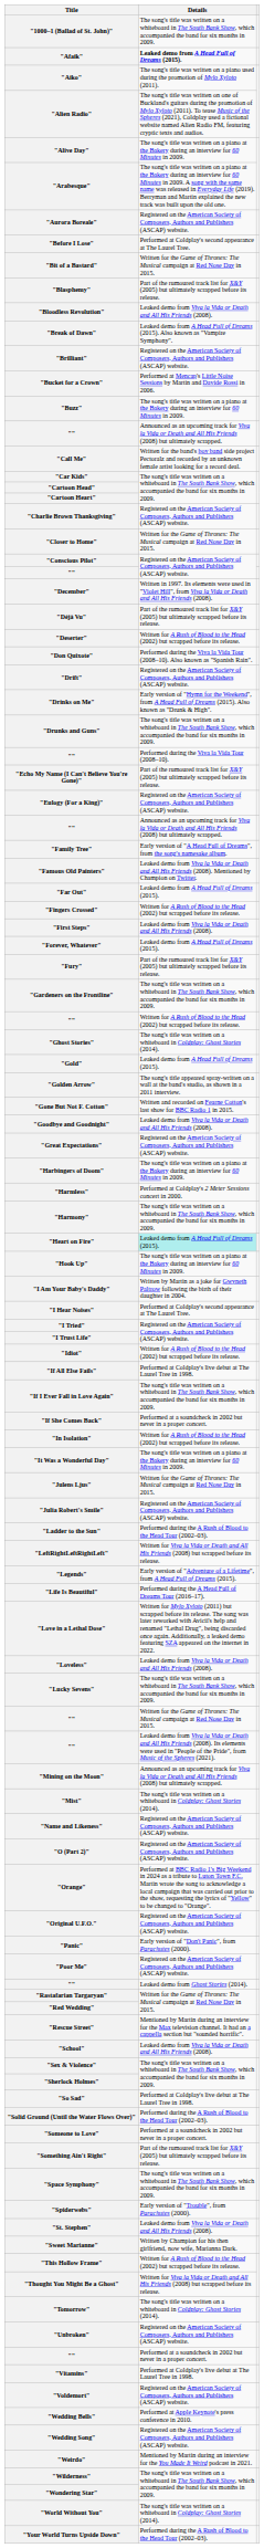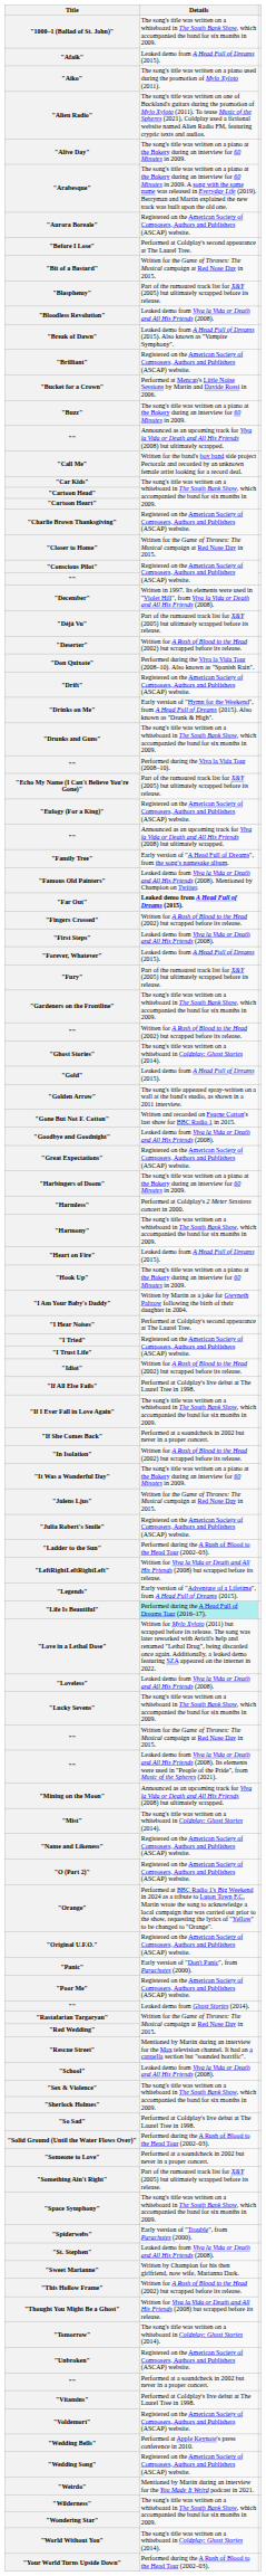 <table class="wikitable sortable plainrowheaders" style="margin-left: auto; margin-right: auto; border: none; text-align:center">
 <tr>
 <th scope="col" style="width:20em;">Title</th>
 <th scope="col">Details</th>
 <th scope="col" class="unsortable"></th>
 </tr>
 <tr>
 <th scope="row">"1000–1 (Ballad of St. John)"</th>
 <td style="text-align:left;">The song's title was written on a whiteboard in <em><a href='#'>The South Bank Show</a></em>, which accompanied the band for six months in 2009.</td>
 <td></td>
 </tr>
 <tr>
 <th scope="row">"Afaik"</th>
-<td style="text-align:left;"><strong>Leaked demo from <em><a href='#'>A Head Full of Dreams</a></em> (2015).</strong></td>
+<td style="text-align:left;">Leaked demo from <em><a href='#'>A Head Full of Dreams</a></em> (2015).</td>
 <td></td>
 </tr>
 <tr>
 <th scope="row">"Aiko"</th>
 <td style="text-align:left;">The song's title was written on a piano used during the promotion of <em><a href='#'>Mylo Xyloto</a></em> (2011).</td>
 <td rowspan="2"></td>
 </tr>
 <tr>
 <th scope="row">"Alien Radio"</th>
 <td style="text-align:left;">The song's title was written on one of Buckland's guitars during the promotion of <em><a href='#'>Mylo Xyloto</a></em> (2011). To tease <em><a href='#'>Music of the Spheres</a></em> (2021), Coldplay used a fictional website named Alien Radio FM, featuring cryptic texts and audios.</td>
 </tr>
 <tr>
 <th scope="row">"Alive Day"</th>
 <td style="text-align:left;">The song's title was written on a piano at <a href='#'>the Bakery</a> during an interview for <em><a href='#'>60 Minutes</a></em> in 2009.</td>
 <td rowspan="2"></td>
 </tr>
 <tr>
 <th scope="row">"Arabesque"</th>
 <td style="text-align:left;">The song's title was written on a piano at <a href='#'>the Bakery</a> during an interview for <em><a href='#'>60 Minutes</a></em> in 2009. A <a href='#'>song with the same name</a> was released in <em><a href='#'>Everyday Life</a></em> (2019). Berryman and Martin explained the new track was built upon the old one.</td>
 </tr>
 <tr>
 <th scope="row">"Aurora Boreale"</th>
 <td style="text-align:left;">Registered on the <a href='#'>American Society of Composers, Authors and Publishers</a> (ASCAP) website.</td>
 <td></td>
 </tr>
 <tr>
 <th scope="row">"Before I Lose"</th>
 <td style="text-align:left;">Performed at Coldplay's second appearance at The Laurel Tree.</td>
 <td></td>
 </tr>
 <tr>
 <th scope="row">"Bit of a Bastard"</th>
 <td style="text-align:left;">Written for the <em>Game of Thrones: The Musical</em> campaign at <a href='#'>Red Nose Day</a> in 2015.</td>
 <td></td>
 </tr>
 <tr>
 <th scope="row">"Blasphemy"</th>
 <td style="text-align:left;">Part of the rumoured track list for <em><a href='#'>X&Y</a></em> (2005) but ultimately scrapped before its release.</td>
 <td></td>
 </tr>
 <tr>
 <th scope="row">"Bloodless Revolution"</th>
 <td style="text-align:left;">Leaked demo from <em><a href='#'>Viva la Vida or Death and All His Friends</a></em> (2008).</td>
 <td></td>
 </tr>
 <tr>
 <th scope="row">"Break of Dawn"</th>
 <td style="text-align:left;">Leaked demo from <em><a href='#'>A Head Full of Dreams</a></em> (2015). Also known as "Vampire Symphony".</td>
 <td></td>
 </tr>
 <tr>
 <th scope="row">"Brilliant"</th>
 <td style="text-align:left;">Registered on the <a href='#'>American Society of Composers, Authors and Publishers</a> (ASCAP) website.</td>
 <td></td>
 </tr>
 <tr>
 <th scope="row">"Bucket for a Crown"</th>
 <td style="text-align:left;">Performed at <a href='#'>Mencap</a>'s <a href='#'>Little Noise Sessions</a> by Martin and <a href='#'>Davide Rossi</a> in 2006.</td>
 <td></td>
 </tr>
 <tr>
 <th scope="row">"Buzz"</th>
 <td style="text-align:left;">The song's title was written on a piano at <a href='#'>the Bakery</a> during an interview for <em><a href='#'>60 Minutes</a></em> in 2009.</td>
 <td></td>
 </tr>
 <tr>
 <th scope="row">""</th>
 <td style="text-align:left;">Announced as an upcoming track for <em><a href='#'>Viva la Vida or Death and All His Friends</a></em> (2008) but ultimately scrapped.</td>
 <td></td>
 </tr>
 <tr>
 <th scope="row">"Call Me"</th>
 <td style="text-align:left;">Written for the band's <a href='#'>boy band</a> side project Pectoralz and recorded by an unknown female artist looking for a record deal.</td>
 <td></td>
 </tr>
 <tr>
 <th scope="row">"Car Kids"</th>
 <td rowspan="3" style="text-align:left;">The song's title was written on a whiteboard in <em><a href='#'>The South Bank Show</a></em>, which accompanied the band for six months in 2009.</td>
 <td rowspan="3"></td>
 </tr>
 <tr>
 <th scope="row">"Cartoon Head"</th>
 </tr>
 <tr>
 <th scope="row">"Cartoon Heart"</th>
 </tr>
 <tr>
 <th scope="row">"Charlie Brown Thanksgiving"</th>
 <td style="text-align:left;">Registered on the <a href='#'>American Society of Composers, Authors and Publishers</a> (ASCAP) website.</td>
 <td></td>
 </tr>
 <tr>
 <th scope="row">"Closer to Home"</th>
 <td style="text-align:left;">Written for the <em>Game of Thrones: The Musical</em> campaign at <a href='#'>Red Nose Day</a> in 2015.</td>
 <td></td>
 </tr>
 <tr>
 <th scope="row">"Conscious Pilot"</th>
 <td rowspan="2" style="text-align:left;">Registered on the <a href='#'>American Society of Composers, Authors and Publishers</a> (ASCAP) website.</td>
 <td></td>
 </tr>
 <tr>
 <th scope="row">""</th>
 <td></td>
 </tr>
 <tr>
 <th scope="row">"December"</th>
 <td style="text-align:left;">Written in 1997. Its elements were used in "<a href='#'>Violet Hill</a>", from <em><a href='#'>Viva la Vida or Death and All His Friends</a></em> (2008).</td>
 <td></td>
 </tr>
 <tr>
 <th scope="row">"Déjà Vu"</th>
 <td style="text-align:left;">Part of the rumoured track list for <em><a href='#'>X&Y</a></em> (2005) but ultimately scrapped before its release.</td>
 <td></td>
 </tr>
 <tr>
 <th scope="row">"Deserter"</th>
 <td style="text-align:left;">Written for <em><a href='#'>A Rush of Blood to the Head</a></em> (2002) but scrapped before its release.</td>
 <td></td>
 </tr>
 <tr>
 <th scope="row">"Don Quixote"</th>
 <td style="text-align:left;">Performed during the <a href='#'>Viva la Vida Tour</a> (2008–10). Also known as "Spanish Rain".</td>
 <td></td>
 </tr>
 <tr>
 <th scope="row">"Drift"</th>
 <td style="text-align:left;">Registered on the <a href='#'>American Society of Composers, Authors and Publishers</a> (ASCAP) website.</td>
 <td></td>
 </tr>
 <tr>
 <th scope="row">"Drinks on Me"</th>
 <td style="text-align:left;">Early version of "<a href='#'>Hymn for the Weekend</a>", from <em><a href='#'>A Head Full of Dreams</a></em> (2015). Also known as "Drunk & High".</td>
 <td></td>
 </tr>
 <tr>
 <th scope="row">"Drunks and Guns"</th>
 <td style="text-align:left;">The song's title was written on a whiteboard in <em><a href='#'>The South Bank Show</a></em>, which accompanied the band for six months in 2009.</td>
 <td></td>
 </tr>
 <tr>
 <th scope="row">""</th>
 <td style="text-align:left;">Performed during the <a href='#'>Viva la Vida Tour</a> (2008–10).</td>
 <td></td>
 </tr>
 <tr>
 <th scope="row">"Echo My Name (I Can't Believe You're Gone)"</th>
 <td style="text-align:left;">Part of the rumoured track list for <em><a href='#'>X&Y</a></em> (2005) but ultimately scrapped before its release.</td>
 <td></td>
 </tr>
 <tr>
 <th scope="row">"Eulogy (For a King)"</th>
 <td style="text-align:left;">Registered on the <a href='#'>American Society of Composers, Authors and Publishers</a> (ASCAP) website.</td>
 <td></td>
 </tr>
 <tr>
 <th scope="row">""</th>
 <td style="text-align:left;">Announced as an upcoming track for <em><a href='#'>Viva la Vida or Death and All His Friends</a></em> (2008) but ultimately scrapped.</td>
 <td></td>
 </tr>
 <tr>
 <th scope="row">"Family Tree"</th>
 <td style="text-align:left;">Early version of "<a href='#'>A Head Full of Dreams</a>", from <a href='#'>the song's namesake album</a>.</td>
 <td></td>
 </tr>
 <tr>
 <th scope="row">"Famous Old Painters"</th>
 <td style="text-align:left;">Leaked demo from <em><a href='#'>Viva la Vida or Death and All His Friends</a></em> (2008). Mentioned by Champion on <a href='#'>Twitter</a>.</td>
 <td></td>
 </tr>
 <tr>
 <th scope="row">"Far Out"</th>
-<td style="text-align:left;">Leaked demo from <em><a href='#'>A Head Full of Dreams</a></em> (2015).</td>
+<td style="text-align:left;"><strong>Leaked demo from <em><a href='#'>A Head Full of Dreams</a></em> (2015).</strong></td>
 <td></td>
 </tr>
 <tr>
 <th scope="row">"Fingers Crossed"</th>
 <td style="text-align:left;">Written for <em><a href='#'>A Rush of Blood to the Head</a></em> (2002) but scrapped before its release.</td>
 <td></td>
 </tr>
 <tr>
 <th scope="row">"First Steps"</th>
 <td style="text-align:left;">Leaked demo from <em><a href='#'>Viva la Vida or Death and All His Friends</a></em> (2008).</td>
 <td></td>
 </tr>
 <tr>
 <th scope="row">"Forever, Whatever"</th>
 <td style="text-align:left;">Leaked demo from <em><a href='#'>A Head Full of Dreams</a></em> (2015).</td>
 <td></td>
 </tr>
 <tr>
 <th scope="row">"Fury"</th>
 <td style="text-align:left;">Part of the rumoured track list for <em><a href='#'>X&Y</a></em> (2005) but ultimately scrapped before its release.</td>
 <td></td>
 </tr>
 <tr>
 <th scope="row">"Gardeners on the Frontline"</th>
 <td style="text-align:left;">The song's title was written on a whiteboard in <em><a href='#'>The South Bank Show</a></em>, which accompanied the band for six months in 2009.</td>
 <td></td>
 </tr>
 <tr>
 <th scope="row">""</th>
 <td style="text-align:left;">Written for <em><a href='#'>A Rush of Blood to the Head</a></em> (2002) but scrapped before its release.</td>
 <td></td>
 </tr>
 <tr>
 <th scope="row">"Ghost Stories"</th>
 <td style="text-align:left;">The song's title was written on a whiteboard in <em><a href='#'>Coldplay: Ghost Stories</a></em> (2014).</td>
 <td></td>
 </tr>
 <tr>
 <th scope="row">"Gold"</th>
 <td style="text-align:left;">Leaked demo from <em><a href='#'>A Head Full of Dreams</a></em> (2015).</td>
 <td></td>
 </tr>
 <tr>
 <th scope="row">"Golden Arrow"</th>
 <td style="text-align:left;">The song's title appeared spray-written on a wall at the band's studio, as shown in a 2011 interview.</td>
 <td></td>
 </tr>
 <tr>
 <th scope="row">"Gone But Not F. Cotton"</th>
 <td style="text-align:left;">Written and recorded on <a href='#'>Fearne Cotton</a>'s last show for <a href='#'>BBC Radio 1</a> in 2015.</td>
 <td></td>
 </tr>
 <tr>
 <th scope="row">"Goodbye and Goodnight"</th>
 <td style="text-align:left;">Leaked demo from <em><a href='#'>Viva la Vida or Death and All His Friends</a></em> (2008).</td>
 <td></td>
 </tr>
 <tr>
 <th scope="row">"Great Expectations"</th>
 <td style="text-align:left;">Registered on the <a href='#'>American Society of Composers, Authors and Publishers</a> (ASCAP) website.</td>
 <td></td>
 </tr>
 <tr>
 <th scope="row">"Harbingers of Doom"</th>
 <td style="text-align:left;">The song's title was written on a piano at <a href='#'>the Bakery</a> during an interview for <em><a href='#'>60 Minutes</a></em> in 2009.</td>
 <td></td>
 </tr>
 <tr>
 <th scope="row">"Harmless"</th>
 <td style="text-align:left;">Performed at Coldplay's <em>2 Meter Sessions</em> concert in 2000.</td>
 <td></td>
 </tr>
 <tr>
 <th scope="row">"Harmony"</th>
 <td style="text-align:left;">The song's title was written on a whiteboard in <em><a href='#'>The South Bank Show</a></em>, which accompanied the band for six months in 2009.</td>
 <td></td>
 </tr>
 <tr>
 <th scope="row">"Heart on Fire"</th>
-<td style="background: paleturquoise; text-align:left;">Leaked demo from <em><a href='#'>A Head Full of Dreams</a></em> (2015).</td>
+<td style="text-align:left;">Leaked demo from <em><a href='#'>A Head Full of Dreams</a></em> (2015).</td>
 <td></td>
 </tr>
 <tr>
 <th scope="row">"Hook Up"</th>
 <td style="text-align:left;">The song's title was written on a piano at <a href='#'>the Bakery</a> during an interview for <em><a href='#'>60 Minutes</a></em> in 2009.</td>
 <td></td>
 </tr>
 <tr>
 <th scope="row">"I Am Your Baby's Daddy" </th>
 <td style="text-align:left;">Written by Martin as a joke for <a href='#'>Gwyneth Paltrow</a> following the birth of their daughter in 2004.</td>
 <td></td>
 </tr>
 <tr>
 <th scope="row">"I Hear Noises"</th>
 <td style="text-align:left;">Performed at Coldplay's second appearance at The Laurel Tree.</td>
 <td></td>
 </tr>
 <tr>
 <th scope="row">"I Tried"</th>
 <td rowspan="2"  style="text-align:left;">Registered on the <a href='#'>American Society of Composers, Authors and Publishers</a> (ASCAP) website.</td>
 <td rowspan="2"></td>
 </tr>
 <tr>
 <th scope="row">"I Trust Life"</th>
 </tr>
 <tr>
 <th scope="row">"Idiot"</th>
 <td style="text-align:left;">Written for <em><a href='#'>A Rush of Blood to the Head</a></em> (2002) but scrapped before its release.</td>
 <td></td>
 </tr>
 <tr>
 <th scope="row">"If All Else Fails"</th>
 <td style="text-align:left;">Performed at Coldplay's live debut at The Laurel Tree in 1998.</td>
 <td></td>
 </tr>
 <tr>
 <th scope="row">"If I Ever Fall in Love Again"</th>
 <td style="text-align:left;">The song's title was written on a whiteboard in <em><a href='#'>The South Bank Show</a></em>, which accompanied the band for six months in 2009.</td>
 <td></td>
 </tr>
 <tr>
 <th scope="row">"If She Comes Back"</th>
 <td style="text-align:left;">Performed at a soundcheck in 2002 but never in a proper concert.</td>
 <td></td>
 </tr>
 <tr>
 <th scope="row">"In Isolation"</th>
 <td style="text-align:left;">Written for <em><a href='#'>A Rush of Blood to the Head</a></em> (2002) but scrapped before its release.</td>
 <td></td>
 </tr>
 <tr>
 <th scope="row">"It Was a Wonderful Day"</th>
 <td style="text-align:left;">The song's title was written on a piano at <a href='#'>the Bakery</a> during an interview for <em><a href='#'>60 Minutes</a></em> in 2009.</td>
 <td></td>
 </tr>
 <tr>
 <th scope="row">"Julens Ljus"</th>
 <td style="text-align:left;">Written for the <em>Game of Thrones: The Musical</em> campaign at <a href='#'>Red Nose Day</a> in 2015.</td>
 <td></td>
 </tr>
 <tr>
 <th scope="row">"Julia Robert's Smile"</th>
 <td style="text-align:left;">Registered on the <a href='#'>American Society of Composers, Authors and Publishers</a> (ASCAP) website.</td>
 <td></td>
 </tr>
 <tr>
 <th scope="row">"Ladder to the Sun"</th>
 <td style="text-align:left;">Performed during the <a href='#'>A Rush of Blood to the Head Tour</a> (2002–03).</td>
 <td></td>
 </tr>
 <tr>
 <th scope="row">"LeftRightLeftRightLeft"</th>
 <td style="text-align:left;">Written for <em><a href='#'>Viva la Vida or Death and All His Friends</a></em> (2008) but scrapped before its release.</td>
 <td></td>
 </tr>
 <tr>
 <th scope="row">"Legends"</th>
 <td style="text-align:left;">Early version of "<a href='#'>Adventure of a Lifetime</a>", from <em><a href='#'>A Head Full of Dreams</a></em> (2015).</td>
 <td></td>
 </tr>
 <tr>
 <th scope="row">"Life Is Beautiful"</th>
-<td style="text-align:left;">Performed during the <a href='#'>A Head Full of Dreams Tour</a> (2016–17).</td>
+<td style="background: paleturquoise; text-align:left;">Performed during the <a href='#'>A Head Full of Dreams Tour</a> (2016–17).</td>
 <td></td>
 </tr>
 <tr>
 <th scope="row">"Love in a Lethal Dose"</th>
 <td style="text-align:left;">Written for <em><a href='#'>Mylo Xyloto</a></em> (2011) but scrapped before its release. The song was later reworked with Avicii's help and renamed "Lethal Drug", being discarded once again. Additionally, a leaked demo featuring <a href='#'>SZA</a> appeared on the internet in 2022.</td>
 <td></td>
 </tr>
 <tr>
 <th scope="row">"Loveless"</th>
 <td style="text-align:left;">Leaked demo from <em><a href='#'>Viva la Vida or Death and All His Friends</a></em> (2008).</td>
 <td></td>
 </tr>
 <tr>
 <th scope="row">"Lucky Sevens"</th>
 <td style="text-align:left;">The song's title was written on a whiteboard in <em><a href='#'>The South Bank Show</a></em>, which accompanied the band for six months in 2009.</td>
 <td></td>
 </tr>
 <tr>
 <th scope="row">""</th>
 <td style="text-align:left;">Written for the <em>Game of Thrones: The Musical</em> campaign at <a href='#'>Red Nose Day</a> in 2015.</td>
 <td></td>
 </tr>
 <tr>
 <th scope="row">""</th>
 <td style="text-align:left;">Leaked demo from <em><a href='#'>Viva la Vida or Death and All His Friends</a></em> (2008). Its elements were used in "People of the Pride", from <em><a href='#'>Music of the Spheres</a></em> (2021).</td>
 <td></td>
 </tr>
 <tr>
 <th scope="row">"Mining on the Moon"</th>
 <td style="text-align:left;">Announced as an upcoming track for <em><a href='#'>Viva la Vida or Death and All His Friends</a></em> (2008) but ultimately scrapped.</td>
 <td></td>
 </tr>
 <tr>
 <th scope="row">"Mist"</th>
 <td style="text-align:left;">The song's title was written on a whiteboard in <em><a href='#'>Coldplay: Ghost Stories</a></em> (2014).</td>
 <td></td>
 </tr>
 <tr>
 <th scope="row">"Name and Likeness"</th>
 <td style="text-align:left;">Registered on the <a href='#'>American Society of Composers, Authors and Publishers</a> (ASCAP) website.</td>
 <td></td>
 </tr>
 <tr>
 <th scope="row">"O (Part 2)"</th>
 <td style="text-align:left;">Registered on the <a href='#'>American Society of Composers, Authors and Publishers</a> (ASCAP) website.</td>
 <td></td>
 </tr>
 <tr>
 <th scope="row">"Orange"</th>
 <td style="text-align:left;">Performed at <a href='#'>BBC Radio 1's Big Weekend</a> in 2024 as a tribute to <a href='#'>Luton Town F.C.</a> Martin wrote the song to acknowledge a local campaign that was carried out prior to the show, requesting the lyrics of "<a href='#'>Yellow</a>" to be changed to "Orange".</td>
 <td></td>
 </tr>
 <tr>
 <th scope="row">"Original U.F.O."</th>
 <td style="text-align:left;">Registered on the <a href='#'>American Society of Composers, Authors and Publishers</a> (ASCAP) website.</td>
 <td></td>
 </tr>
 <tr>
 <th scope="row">"Panic"</th>
 <td style="text-align:left;">Early version of "<a href='#'>Don't Panic</a>", from <em><a href='#'>Parachutes</a></em> (2000).</td>
 <td></td>
 </tr>
 <tr>
 <th scope="row">"Poor Me"</th>
 <td style="text-align:left;">Registered on the <a href='#'>American Society of Composers, Authors and Publishers</a> (ASCAP) website.</td>
 <td></td>
 </tr>
 <tr>
 <th scope="row">""</th>
 <td style="text-align:left;">Leaked demo from <em><a href='#'>Ghost Stories</a></em> (2014).</td>
 <td></td>
 </tr>
 <tr>
 <th scope="row">"Rastafarian Targaryan"</th>
 <td rowspan="2" style="text-align:left;">Written for the <em>Game of Thrones: The Musical</em> campaign at <a href='#'>Red Nose Day</a> in 2015.</td>
 <td rowspan="2"></td>
 </tr>
 <tr>
 <th scope="row">"Red Wedding"</th>
 </tr>
 <tr>
 <th scope="row">"Rescue Street"</th>
 <td style="text-align:left;">Mentioned by Martin during an interview for the <a href='#'>Max</a> television channel. It had an <a href='#'>a cappella</a> section but "sounded horrific".</td>
 <td></td>
 </tr>
 <tr>
 <th scope="row">"School"</th>
 <td style="text-align:left;">Leaked demo from <em><a href='#'>Viva la Vida or Death and All His Friends</a></em> (2008).</td>
 <td></td>
 </tr>
 <tr>
 <th scope="row">"Sex & Violence"</th>
 <td rowspan="2" style="text-align:left;">The song's title was written on a whiteboard in <em><a href='#'>The South Bank Show</a></em>, which accompanied the band for six months in 2009.</td>
 <td rowspan="2"></td>
 </tr>
 <tr>
 <th scope="row">"Sherlock Holmes"</th>
 </tr>
 <tr>
 <th scope="row">"So Sad"</th>
 <td style="text-align:left;">Performed at Coldplay's live debut at The Laurel Tree in 1998.</td>
 <td></td>
 </tr>
 <tr>
 <th scope="row">"Solid Ground (Until the Water Flows Over)"</th>
 <td style="text-align:left;">Performed during the <a href='#'>A Rush of Blood to the Head Tour</a> (2002–03).</td>
 <td></td>
 </tr>
 <tr>
 <th scope="row">"Someone to Love"</th>
 <td style="text-align:left;">Performed at a soundcheck in 2002 but never in a proper concert.</td>
 <td></td>
 </tr>
 <tr>
 <th scope="row">"Something Ain't Right"</th>
 <td style="text-align:left;">Part of the rumoured track list for <em><a href='#'>X&Y</a></em> (2005) but ultimately scrapped before its release.</td>
 <td></td>
 </tr>
 <tr>
 <th scope="row">"Space Symphony"</th>
 <td style="text-align:left;">The song's title was written on a whiteboard in <em><a href='#'>The South Bank Show</a></em>, which accompanied the band for six months in 2009.</td>
 <td></td>
 </tr>
 <tr>
 <th scope="row">"Spiderwebs"</th>
 <td style="text-align:left;">Early version of "<a href='#'>Trouble</a>", from <em><a href='#'>Parachutes</a></em> (2000).</td>
 <td></td>
 </tr>
 <tr>
 <th scope="row">"St. Stephen"</th>
 <td style="text-align:left;">Leaked demo from <em><a href='#'>Viva la Vida or Death and All His Friends</a></em> (2008).</td>
 <td></td>
 </tr>
 <tr>
 <th scope="row">"Sweet Marianne"</th>
 <td style="text-align:left;">Written by Champion for his then girlfriend, now wife, Marianna Dark.</td>
 <td></td>
 </tr>
 <tr>
 <th scope="row">"This Hollow Frame"</th>
 <td style="text-align:left;">Written for <em><a href='#'>A Rush of Blood to the Head</a></em> (2002) but scrapped before its release.</td>
 <td rowspan="2"></td>
 </tr>
 <tr>
 <th scope="row">"Thought You Might Be a Ghost"</th>
 <td style="text-align:left;">Written for <em><a href='#'>Viva la Vida or Death and All His Friends</a></em> (2008) but scrapped before its release.</td>
 </tr>
 <tr>
 <th scope="row">"Tomorrow"</th>
 <td style="text-align:left;">The song's title was written on a whiteboard in <em><a href='#'>Coldplay: Ghost Stories</a></em> (2014).</td>
 <td></td>
 </tr>
 <tr>
 <th scope="row">"Unbroken"</th>
 <td style="text-align:left;">Registered on the <a href='#'>American Society of Composers, Authors and Publishers</a> (ASCAP) website.</td>
 <td></td>
 </tr>
 <tr>
 <th scope="row">""</th>
 <td style="text-align:left;">Performed at a soundcheck in 2002 but never in a proper concert.</td>
 <td></td>
 </tr>
 <tr>
 <th scope="row">"Vitamins"</th>
 <td style="text-align:left;">Performed at Coldplay's live debut at The Laurel Tree in 1998.</td>
 <td></td>
 </tr>
 <tr>
 <th scope="row">"Voldemort"</th>
 <td style="text-align:left;">Registered on the <a href='#'>American Society of Composers, Authors and Publishers</a> (ASCAP) website.</td>
 <td></td>
 </tr>
 <tr>
 <th scope="row">"Wedding Bells"</th>
 <td style="text-align:left;">Performed at <a href='#'>Apple Keynote</a>'s press conference in 2010.</td>
 <td></td>
 </tr>
 <tr>
 <th scope="row">"Wedding Song"</th>
 <td style="text-align:left;">Registered on the <a href='#'>American Society of Composers, Authors and Publishers</a> (ASCAP) website.</td>
 <td></td>
 </tr>
 <tr>
 <th scope="row">"Weirdo"</th>
 <td style="text-align:left;">Mentioned by Martin during an interview for the <em><a href='#'>You Made It Weird</a></em> podcast in 2021.</td>
 <td></td>
 </tr>
 <tr>
 <th scope="row">"Wilderness"</th>
 <td rowspan="2" style="text-align:left;">The song's title was written on a whiteboard in <em><a href='#'>The South Bank Show</a></em>, which accompanied the band for six months in 2009.</td>
 <td rowspan="2"></td>
 </tr>
 <tr>
 <th scope="row">"Wondering Star"</th>
 </tr>
 <tr>
 <th scope="row">"World Without You"</th>
 <td style="text-align:left;">The song's title was written on a whiteboard in <em><a href='#'>Coldplay: Ghost Stories</a></em> (2014).</td>
 <td></td>
 </tr>
 <tr>
 <th scope="row">"Your World Turns Upside Down"</th>
 <td style="text-align:left;">Performed during the <a href='#'>A Rush of Blood to the Head Tour</a> (2002–03).</td>
 <td></td>
 </tr>
 </table>
